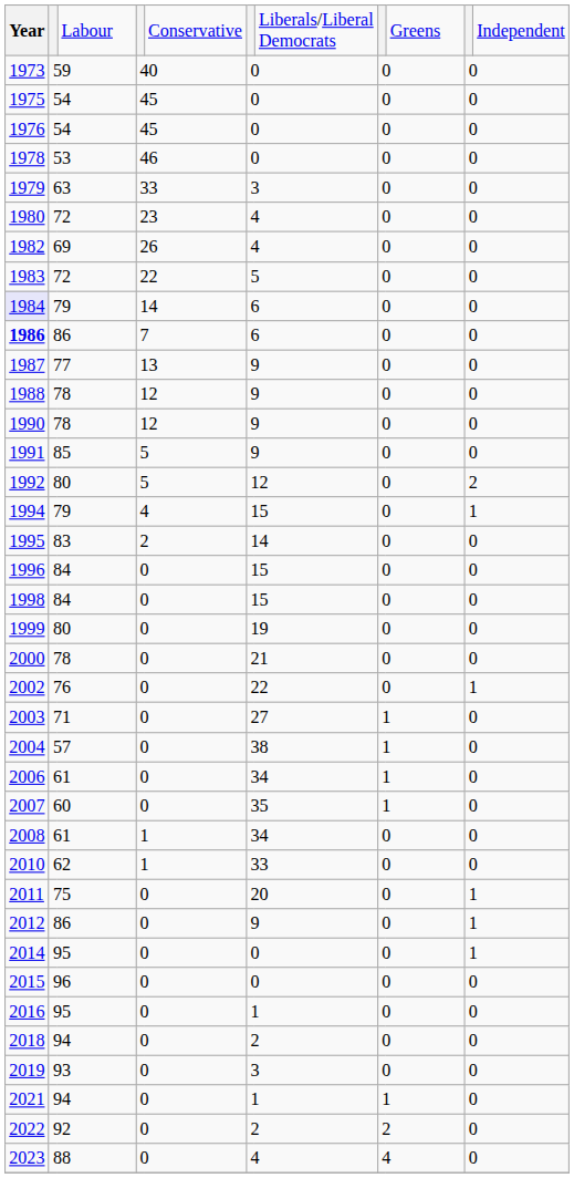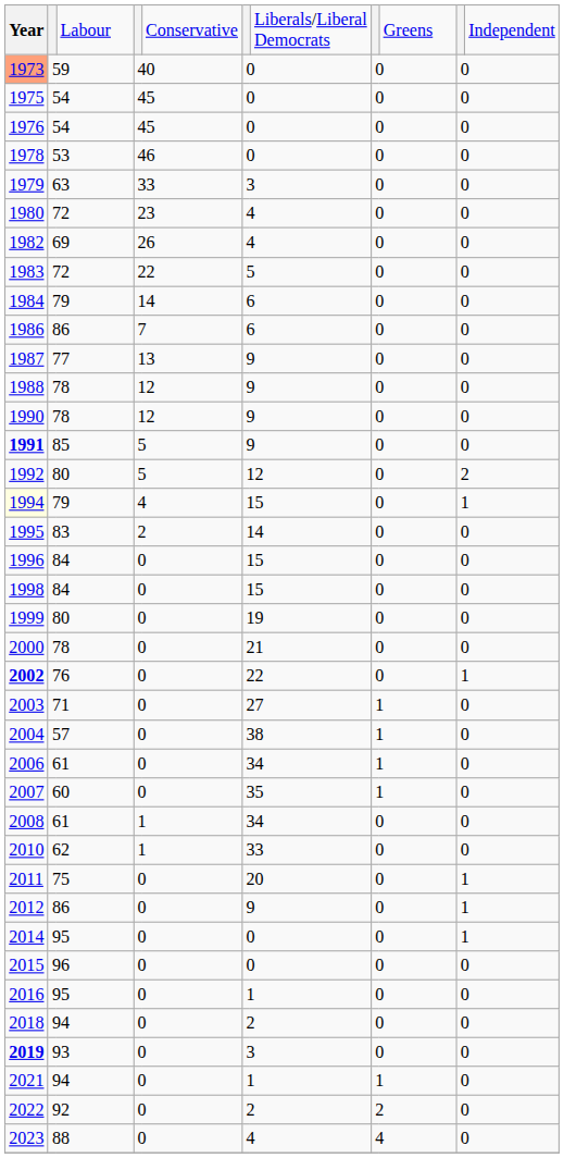 <table class="wikitable" style="font-size: 95%;">
 <tr>
 <th>Year</th>
 <th style="background-color: "></th>
 <td width="60"><a href='#'>Labour</a></td>
 <th style="background-color: "></th>
 <td width="60"><a href='#'>Conservative</a></td>
 <th style="background-color: "></th>
 <td width="60"><a href='#'>Liberals</a>/<a href='#'>Liberal Democrats</a></td>
 <th style="background-color: "></th>
 <td width="60"><a href='#'>Greens</a></td>
 <th style="background-color: "></th>
 <td width="60"><a href='#'>Independent</a></td>
 </tr>
 <tr>
-<td><a href='#'>1973</a></td>
+<td style="background: lightsalmon;"><a href='#'>1973</a></td>
 <td colspan="2">59</td>
 <td colspan="2">40</td>
 <td colspan="2">0</td>
 <td colspan="2">0</td>
 <td colspan="2">0</td>
 </tr>
 <tr>
 <td><a href='#'>1975</a></td>
 <td colspan="2">54</td>
 <td colspan="2">45</td>
 <td colspan="2">0</td>
 <td colspan="2">0</td>
 <td colspan="2">0</td>
 </tr>
 <tr>
 <td><a href='#'>1976</a></td>
 <td colspan="2">54</td>
 <td colspan="2">45</td>
 <td colspan="2">0</td>
 <td colspan="2">0</td>
 <td colspan="2">0</td>
 </tr>
 <tr>
 <td><a href='#'>1978</a></td>
 <td colspan="2">53</td>
 <td colspan="2">46</td>
 <td colspan="2">0</td>
 <td colspan="2">0</td>
 <td colspan="2">0</td>
 </tr>
 <tr>
 <td><a href='#'>1979</a></td>
 <td colspan="2">63</td>
 <td colspan="2">33</td>
 <td colspan="2">3</td>
 <td colspan="2">0</td>
 <td colspan="2">0</td>
 </tr>
 <tr>
 <td><a href='#'>1980</a></td>
 <td colspan="2">72</td>
 <td colspan="2">23</td>
 <td colspan="2">4</td>
 <td colspan="2">0</td>
 <td colspan="2">0</td>
 </tr>
 <tr>
 <td><a href='#'>1982</a></td>
 <td colspan="2">69</td>
 <td colspan="2">26</td>
 <td colspan="2">4</td>
 <td colspan="2">0</td>
 <td colspan="2">0</td>
 </tr>
 <tr>
 <td><a href='#'>1983</a></td>
 <td colspan="2">72</td>
 <td colspan="2">22</td>
 <td colspan="2">5</td>
 <td colspan="2">0</td>
 <td colspan="2">0</td>
 </tr>
 <tr>
-<td style="background: lavender;"><a href='#'>1984</a></td>
+<td><a href='#'>1984</a></td>
 <td colspan="2">79</td>
 <td colspan="2">14</td>
 <td colspan="2">6</td>
 <td colspan="2">0</td>
 <td colspan="2">0</td>
 </tr>
 <tr>
-<td><strong><a href='#'>1986</a></strong></td>
+<td><a href='#'>1986</a></td>
 <td colspan="2">86</td>
 <td colspan="2">7</td>
 <td colspan="2">6</td>
 <td colspan="2">0</td>
 <td colspan="2">0</td>
 </tr>
 <tr>
 <td><a href='#'>1987</a></td>
 <td colspan="2">77</td>
 <td colspan="2">13</td>
 <td colspan="2">9</td>
 <td colspan="2">0</td>
 <td colspan="2">0</td>
 </tr>
 <tr>
 <td><a href='#'>1988</a></td>
 <td colspan="2">78</td>
 <td colspan="2">12</td>
 <td colspan="2">9</td>
 <td colspan="2">0</td>
 <td colspan="2">0</td>
 </tr>
 <tr>
 <td><a href='#'>1990</a></td>
 <td colspan="2">78</td>
 <td colspan="2">12</td>
 <td colspan="2">9</td>
 <td colspan="2">0</td>
 <td colspan="2">0</td>
 </tr>
 <tr>
-<td><a href='#'>1991</a></td>
+<td><strong><a href='#'>1991</a></strong></td>
 <td colspan="2">85</td>
 <td colspan="2">5</td>
 <td colspan="2">9</td>
 <td colspan="2">0</td>
 <td colspan="2">0</td>
 </tr>
 <tr>
 <td><a href='#'>1992</a></td>
 <td colspan="2">80</td>
 <td colspan="2">5</td>
 <td colspan="2">12</td>
 <td colspan="2">0</td>
 <td colspan="2">2</td>
 </tr>
 <tr>
-<td><a href='#'>1994</a></td>
+<td style="background: lightyellow;"><a href='#'>1994</a></td>
 <td colspan="2">79</td>
 <td colspan="2">4</td>
 <td colspan="2">15</td>
 <td colspan="2">0</td>
 <td colspan="2">1</td>
 </tr>
 <tr>
 <td><a href='#'>1995</a></td>
 <td colspan="2">83</td>
 <td colspan="2">2</td>
 <td colspan="2">14</td>
 <td colspan="2">0</td>
 <td colspan="2">0</td>
 </tr>
 <tr>
 <td><a href='#'>1996</a></td>
 <td colspan="2">84</td>
 <td colspan="2">0</td>
 <td colspan="2">15</td>
 <td colspan="2">0</td>
 <td colspan="2">0</td>
 </tr>
 <tr>
 <td><a href='#'>1998</a></td>
 <td colspan="2">84</td>
 <td colspan="2">0</td>
 <td colspan="2">15</td>
 <td colspan="2">0</td>
 <td colspan="2">0</td>
 </tr>
 <tr>
 <td><a href='#'>1999</a></td>
 <td colspan="2">80</td>
 <td colspan="2">0</td>
 <td colspan="2">19</td>
 <td colspan="2">0</td>
 <td colspan="2">0</td>
 </tr>
 <tr>
 <td><a href='#'>2000</a></td>
 <td colspan="2">78</td>
 <td colspan="2">0</td>
 <td colspan="2">21</td>
 <td colspan="2">0</td>
 <td colspan="2">0</td>
 </tr>
 <tr>
-<td><a href='#'>2002</a></td>
+<td><strong><a href='#'>2002</a></strong></td>
 <td colspan="2">76</td>
 <td colspan="2">0</td>
 <td colspan="2">22</td>
 <td colspan="2">0</td>
 <td colspan="2">1</td>
 </tr>
 <tr>
 <td><a href='#'>2003</a></td>
 <td colspan="2">71</td>
 <td colspan="2">0</td>
 <td colspan="2">27</td>
 <td colspan="2">1</td>
 <td colspan="2">0</td>
 </tr>
 <tr>
 <td><a href='#'>2004</a></td>
 <td colspan="2">57</td>
 <td colspan="2">0</td>
 <td colspan="2">38</td>
 <td colspan="2">1</td>
 <td colspan="2">0</td>
 </tr>
 <tr>
 <td><a href='#'>2006</a></td>
 <td colspan="2">61</td>
 <td colspan="2">0</td>
 <td colspan="2">34</td>
 <td colspan="2">1</td>
 <td colspan="2">0</td>
 </tr>
 <tr>
 <td><a href='#'>2007</a></td>
 <td colspan="2">60</td>
 <td colspan="2">0</td>
 <td colspan="2">35</td>
 <td colspan="2">1</td>
 <td colspan="2">0</td>
 </tr>
 <tr>
 <td><a href='#'>2008</a></td>
 <td colspan="2">61</td>
 <td colspan="2">1</td>
 <td colspan="2">34</td>
 <td colspan="2">0</td>
 <td colspan="2">0</td>
 </tr>
 <tr>
 <td><a href='#'>2010</a></td>
 <td colspan="2">62</td>
 <td colspan="2">1</td>
 <td colspan="2">33</td>
 <td colspan="2">0</td>
 <td colspan="2">0</td>
 </tr>
 <tr>
 <td><a href='#'>2011</a></td>
 <td colspan="2">75</td>
 <td colspan="2">0</td>
 <td colspan="2">20</td>
 <td colspan="2">0</td>
 <td colspan="2">1</td>
 </tr>
 <tr>
 <td><a href='#'>2012</a></td>
 <td colspan="2">86</td>
 <td colspan="2">0</td>
 <td colspan="2">9</td>
 <td colspan="2">0</td>
 <td colspan="2">1</td>
 </tr>
 <tr>
 <td><a href='#'>2014</a></td>
 <td colspan="2">95</td>
 <td colspan="2">0</td>
 <td colspan="2">0</td>
 <td colspan="2">0</td>
 <td colspan="2">1</td>
 </tr>
 <tr>
 <td><a href='#'>2015</a></td>
 <td colspan="2">96</td>
 <td colspan="2">0</td>
 <td colspan="2">0</td>
 <td colspan="2">0</td>
 <td colspan="2">0</td>
 </tr>
 <tr>
 <td><a href='#'>2016</a></td>
 <td colspan="2">95</td>
 <td colspan="2">0</td>
 <td colspan="2">1</td>
 <td colspan="2">0</td>
 <td colspan="2">0</td>
 </tr>
 <tr>
 <td><a href='#'>2018</a></td>
 <td colspan="2">94</td>
 <td colspan="2">0</td>
 <td colspan="2">2</td>
 <td colspan="2">0</td>
 <td colspan="2">0</td>
 </tr>
 <tr>
-<td><a href='#'>2019</a></td>
+<td><strong><a href='#'>2019</a></strong></td>
 <td colspan="2">93</td>
 <td colspan="2">0</td>
 <td colspan="2">3</td>
 <td colspan="2">0</td>
 <td colspan="2">0</td>
 </tr>
 <tr>
 <td><a href='#'>2021</a></td>
 <td colspan="2">94</td>
 <td colspan="2">0</td>
 <td colspan="2">1</td>
 <td colspan="2">1</td>
 <td colspan="2">0</td>
 </tr>
 <tr>
 <td><a href='#'>2022</a></td>
 <td colspan="2">92</td>
 <td colspan="2">0</td>
 <td colspan="2">2</td>
 <td colspan="2">2</td>
 <td colspan="2">0</td>
 </tr>
 <tr>
 <td><a href='#'>2023</a></td>
 <td colspan="2">88</td>
 <td colspan="2">0</td>
 <td colspan="2">4</td>
 <td colspan="2">4</td>
 <td colspan="2">0</td>
 </tr>
 <tr>
 </tr>
 </table>
